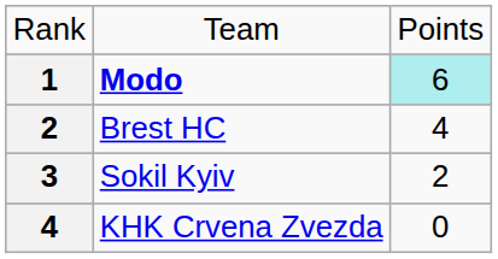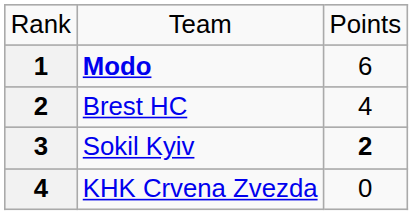 <table class="wikitable" style="text-align: center;">
 <tr>
 <td>Rank</td>
 <td>Team</td>
 <td>Points</td>
 </tr>
 <tr>
 <th>1</th>
 <td style="text-align: left;"> <strong><a href='#'>Modo</a></strong></td>
-<td style="background: paleturquoise;">6</td>
+<td>6</td>
 </tr>
 <tr>
 <th>2</th>
 <td style="text-align: left;"> <a href='#'>Brest HC</a></td>
 <td>4</td>
 </tr>
 <tr>
 <th>3</th>
 <td style="text-align: left;"> <a href='#'>Sokil Kyiv</a></td>
-<td>2</td>
+<td><strong>2</strong></td>
 </tr>
 <tr>
 <th>4</th>
 <td style="text-align: left;"> <a href='#'>KHK Crvena Zvezda</a></td>
 <td>0</td>
 </tr>
 </table>
